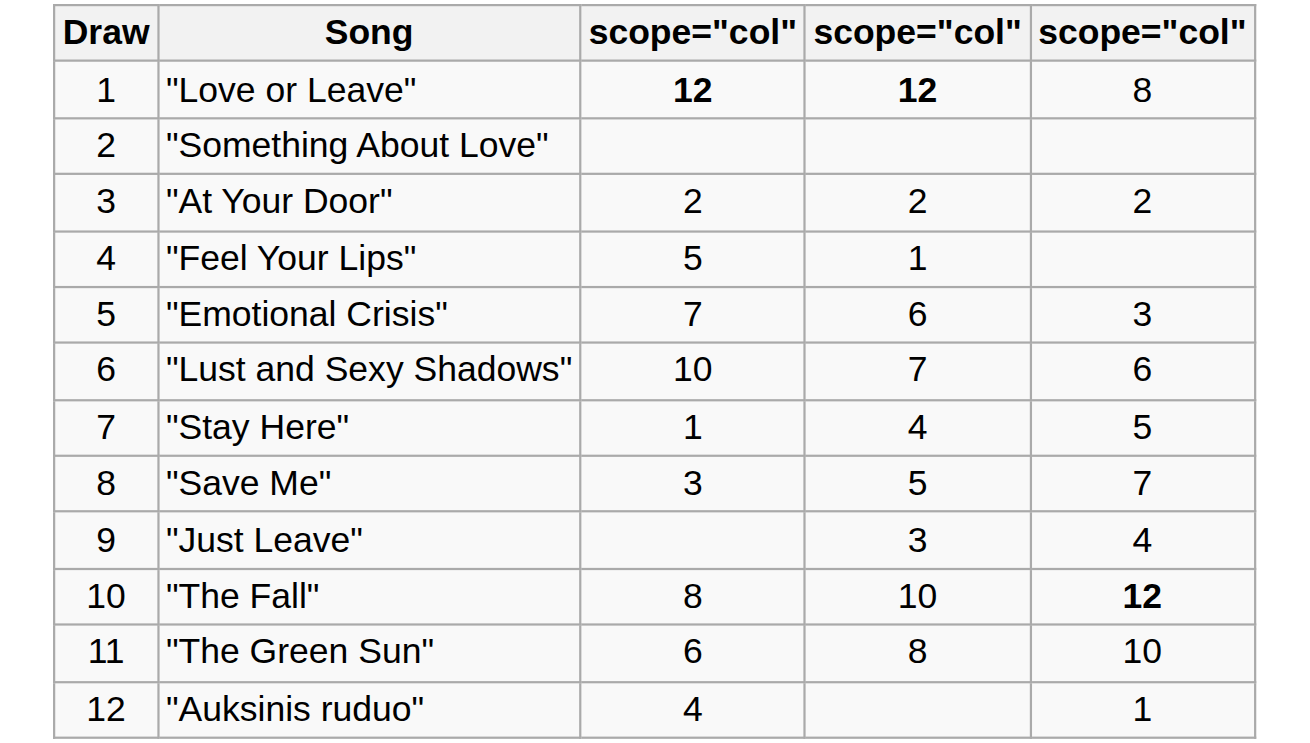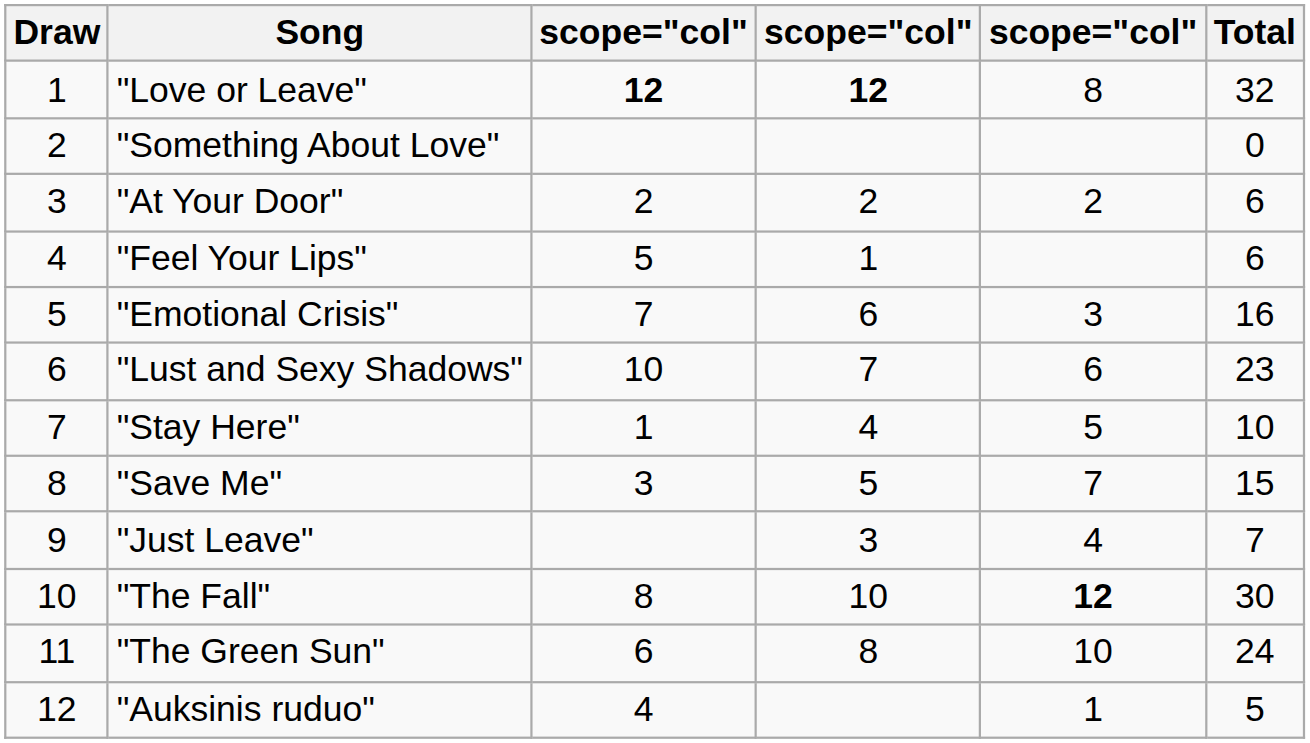 <table class="wikitable collapsible" style="margin: 1em auto 1em auto; text-align:center;">
 <tr>
 <th>Draw</th>
 <th>Song</th>
 <th>scope="col" </th>
 <th>scope="col" </th>
 <th>scope="col" </th>
+<th>Total</th>
 </tr>
 <tr>
 <td>1</td>
 <td align="left">"Love or Leave"</td>
 <td><strong>12</strong></td>
 <td><strong>12</strong></td>
 <td>8</td>
+<td>32</td>
 </tr>
 <tr>
 <td>2</td>
 <td align="left">"Something About Love"</td>
 <td></td>
 <td></td>
 <td></td>
+<td>0</td>
 </tr>
 <tr>
 <td>3</td>
 <td align="left">"At Your Door"</td>
 <td>2</td>
 <td>2</td>
 <td>2</td>
+<td>6</td>
 </tr>
 <tr>
 <td>4</td>
 <td align="left">"Feel Your Lips"</td>
 <td>5</td>
 <td>1</td>
 <td></td>
+<td>6</td>
 </tr>
 <tr>
 <td>5</td>
 <td align="left">"Emotional Crisis"</td>
 <td>7</td>
 <td>6</td>
 <td>3</td>
+<td>16</td>
 </tr>
 <tr>
 <td>6</td>
 <td align="left">"Lust and Sexy Shadows"</td>
 <td>10</td>
 <td>7</td>
 <td>6</td>
+<td>23</td>
 </tr>
 <tr>
 <td>7</td>
 <td align="left">"Stay Here"</td>
 <td>1</td>
 <td>4</td>
 <td>5</td>
+<td>10</td>
 </tr>
 <tr>
 <td>8</td>
 <td align="left">"Save Me"</td>
 <td>3</td>
 <td>5</td>
 <td>7</td>
+<td>15</td>
 </tr>
 <tr>
 <td>9</td>
 <td align="left">"Just Leave"</td>
 <td></td>
 <td>3</td>
 <td>4</td>
+<td>7</td>
 </tr>
 <tr>
 <td>10</td>
 <td align="left">"The Fall"</td>
 <td>8</td>
 <td>10</td>
 <td><strong>12</strong></td>
+<td>30</td>
 </tr>
 <tr>
 <td>11</td>
 <td align="left">"The Green Sun"</td>
 <td>6</td>
 <td>8</td>
 <td>10</td>
+<td>24</td>
 </tr>
 <tr>
 <td>12</td>
 <td align="left">"Auksinis ruduo"</td>
 <td>4</td>
 <td></td>
 <td>1</td>
+<td>5</td>
 </tr>
 </table>
